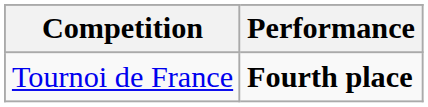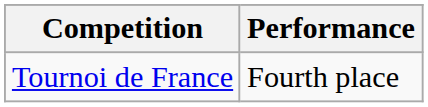 <table class="wikitable">
 <tr>
 <th>Competition</th>
 <th>Performance</th>
 </tr>
 <tr>
 <td><a href='#'>Tournoi de France</a></td>
-<td><strong>Fourth place</strong></td>
+<td>Fourth place</td>
 </tr>
 </table>
